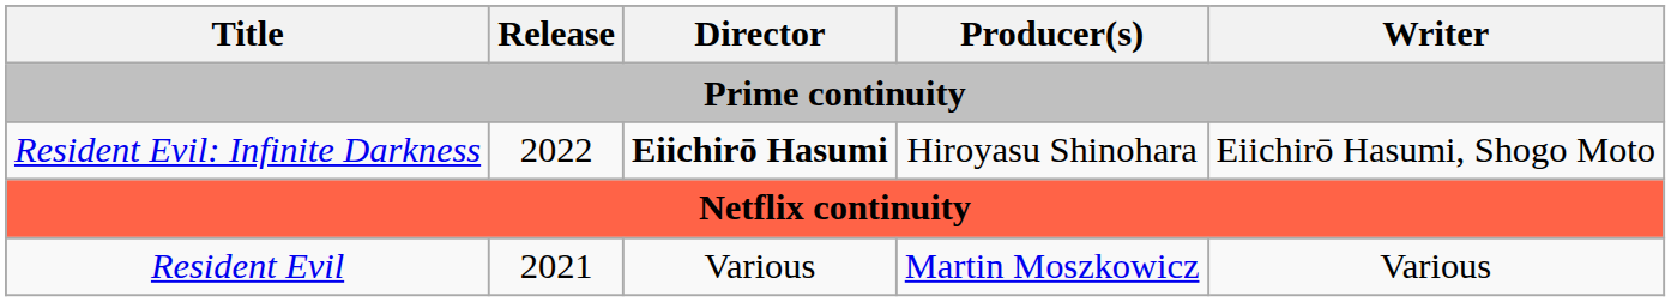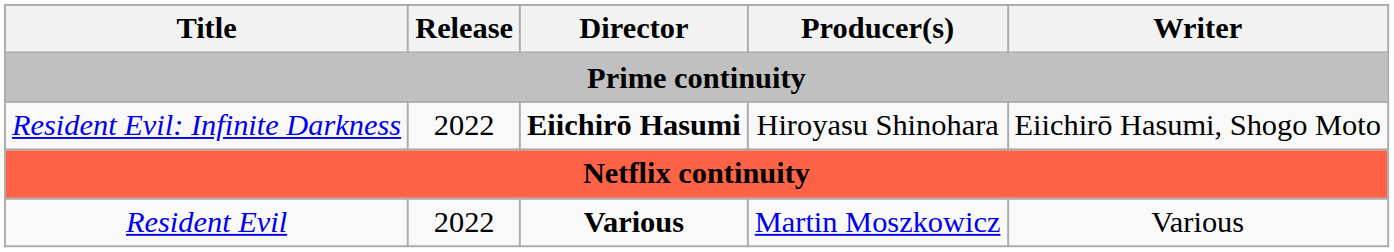 <table class="wikitable">
 <tr>
 <th>Title</th>
 <th>Release</th>
 <th>Director</th>
 <th>Producer(s)</th>
 <th>Writer</th>
 </tr>
 <tr>
 <th colspan="5" style="background-color: silver;">Prime continuity</th>
 </tr>
 <tr style="text-align: center;">
 <td><em><a href='#'>Resident Evil: Infinite Darkness</a></em></td>
 <td>2022</td>
 <td><strong>Eiichirō Hasumi</strong></td>
 <td>Hiroyasu Shinohara</td>
 <td>Eiichirō Hasumi, Shogo Moto</td>
 </tr>
 <tr>
 <th colspan="5" style="background-color: tomato;">Netflix continuity</th>
 </tr>
 <tr style="text-align: center;">
 <td><em><a href='#'>Resident Evil</a></em></td>
-<td>2021</td>
-<td>Various</td>
+<td>2022</td>
+<td><strong>Various</strong></td>
 <td><a href='#'>Martin Moszkowicz</a></td>
 <td>Various</td>
 </tr>
 </table>
